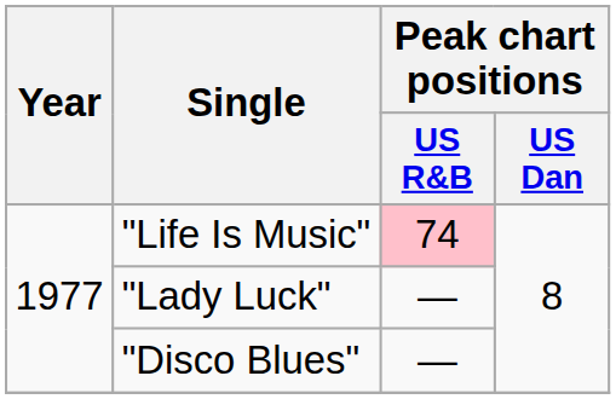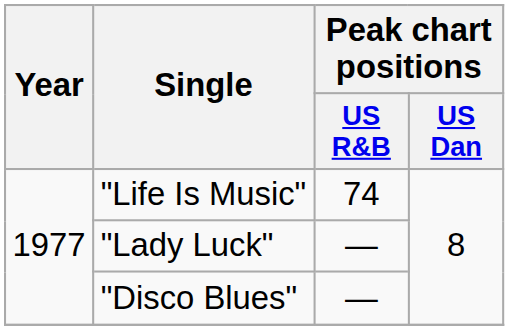 <table class="wikitable" style="text-align:center;">
 <tr>
 <th rowspan="2">Year</th>
 <th rowspan="2">Single</th>
 <th colspan="2">Peak chart positions</th>
 </tr>
 <tr style="font-size:smaller;">
 <th width="40"><a href='#'>US<br>R&B</a><br></th>
 <th width="40"><a href='#'>US<br>Dan</a><br></th>
 </tr>
 <tr>
 <td rowspan="3">1977</td>
 <td align="left">"Life Is Music"</td>
-<td style="background: pink;">74</td>
+<td>74</td>
 <td rowspan="3">8</td>
 </tr>
 <tr>
 <td align="left">"Lady Luck"</td>
 <td>—</td>
 </tr>
 <tr>
 <td align="left">"Disco Blues"</td>
 <td>—</td>
 </tr>
 <tr>
 </tr>
 </table>
